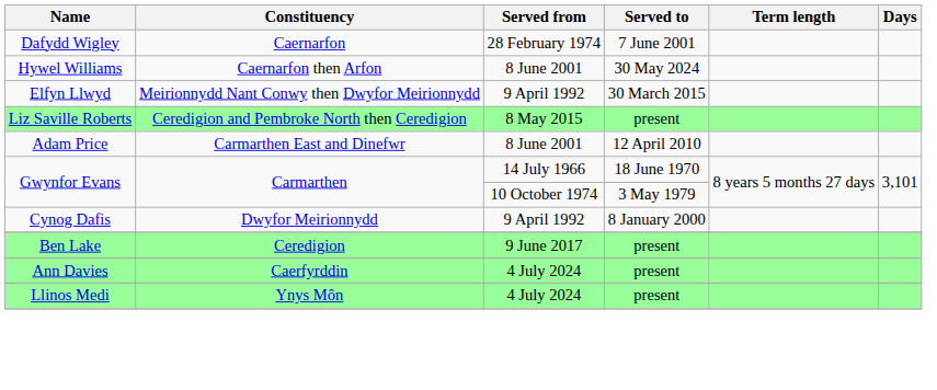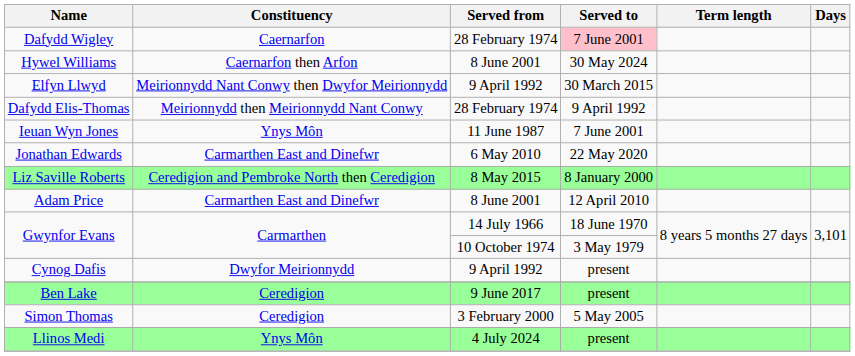 <table class="wikitable sortable" style="text-align: center;">
 <tr>
 <th class="unsortable">Name</th>
 <th class ="unsortable">Constituency</th>
 <th>Served from</th>
 <th>Served to</th>
 <th class ="unsortable">Term length</th>
 <th class="sortable">Days</th>
 </tr>
 <tr>
 <td><a href='#'>Dafydd Wigley</a></td>
 <td><a href='#'>Caernarfon</a></td>
 <td>28 February 1974</td>
-<td>7 June 2001</td>
+<td style="background: pink;">7 June 2001</td>
 <td></td>
 <td></td>
 </tr>
 <tr>
 <td><a href='#'>Hywel Williams</a></td>
 <td><a href='#'>Caernarfon</a> then <a href='#'>Arfon</a></td>
 <td>8 June 2001</td>
 <td>30 May 2024</td>
 <td></td>
 <td></td>
 </tr>
 <tr>
 <td><a href='#'>Elfyn Llwyd</a></td>
 <td><a href='#'>Meirionnydd Nant Conwy</a> then <a href='#'>Dwyfor Meirionnydd</a></td>
 <td>9 April 1992</td>
 <td>30 March 2015</td>
 <td></td>
 <td></td>
 </tr>
+<tr>
+<td><a href='#'>Dafydd Elis-Thomas</a></td>
+<td><a href='#'>Meirionnydd</a> then <a href='#'>Meirionnydd Nant Conwy</a></td>
+<td>28 February 1974</td>
+<td>9 April 1992</td>
+<td></td>
+<td></td>
+</tr>
+<tr>
+<td><a href='#'>Ieuan Wyn Jones</a></td>
+<td><a href='#'>Ynys Môn</a></td>
+<td>11 June 1987</td>
+<td>7 June 2001</td>
+<td></td>
+<td></td>
+</tr>
+<tr>
+<td><a href='#'>Jonathan Edwards</a></td>
+<td><a href='#'>Carmarthen East and Dinefwr</a></td>
+<td>6 May 2010</td>
+<td>22 May 2020</td>
+<td></td>
+<td></td>
+</tr>
 <tr style="background:#9f9;">
 <td><a href='#'>Liz Saville Roberts</a></td>
 <td><a href='#'>Ceredigion and Pembroke North</a> then <a href='#'>Ceredigion</a></td>
 <td>8 May 2015</td>
-<td>present</td>
+<td>8 January 2000</td>
 <td><strong></strong></td>
 <td><strong></strong></td>
 </tr>
 <tr>
 <td><a href='#'>Adam Price</a></td>
 <td><a href='#'>Carmarthen East and Dinefwr</a></td>
 <td>8 June 2001</td>
 <td>12 April 2010</td>
 <td></td>
 <td></td>
 </tr>
 <tr>
 <td rowspan="2"><a href='#'>Gwynfor Evans</a></td>
 <td rowspan="2"><a href='#'>Carmarthen</a></td>
 <td>14 July 1966</td>
 <td>18 June 1970</td>
 <td rowspan="2">8 years 5 months 27 days</td>
 <td rowspan="2">3,101</td>
 </tr>
 <tr>
 <td>10 October 1974</td>
 <td>3 May 1979</td>
 </tr>
 <tr>
 <td><a href='#'>Cynog Dafis</a></td>
 <td><a href='#'>Dwyfor Meirionnydd</a></td>
 <td>9 April 1992</td>
-<td>8 January 2000</td>
+<td>present</td>
 <td></td>
 <td></td>
 </tr>
 <tr>
 </tr>
 <tr style="background:#9f9;">
 <td><a href='#'>Ben Lake</a></td>
 <td><a href='#'>Ceredigion</a></td>
 <td>9 June 2017</td>
 <td>present</td>
 <td><strong></strong></td>
 <td><strong></strong></td>
 </tr>
 <tr>
+<td><a href='#'>Simon Thomas</a></td>
+<td><a href='#'>Ceredigion</a></td>
+<td>3 February 2000</td>
+<td>5 May 2005</td>
+<td></td>
+<td></td>
 </tr>
-<tr style="background:#9f9;">
-<td><a href='#'>Ann Davies</a></td>
-<td><a href='#'>Caerfyrddin</a></td>
-<td>4 July 2024</td>
-<td>present</td>
-<td><strong></strong></td>
-<td><strong></strong></td>
+<tr>
 </tr>
 <tr>
 </tr>
 <tr style="background:#9f9;">
 <td><a href='#'>Llinos Medi</a></td>
 <td><a href='#'>Ynys Môn</a></td>
 <td>4 July 2024</td>
 <td>present</td>
 <td><strong></strong></td>
 <td><strong></strong></td>
 </tr>
 <tr>
 </tr>
 </table>
